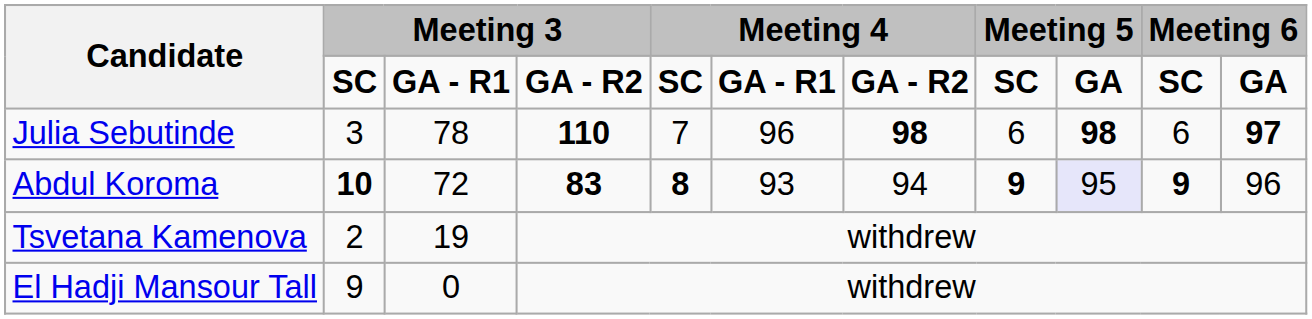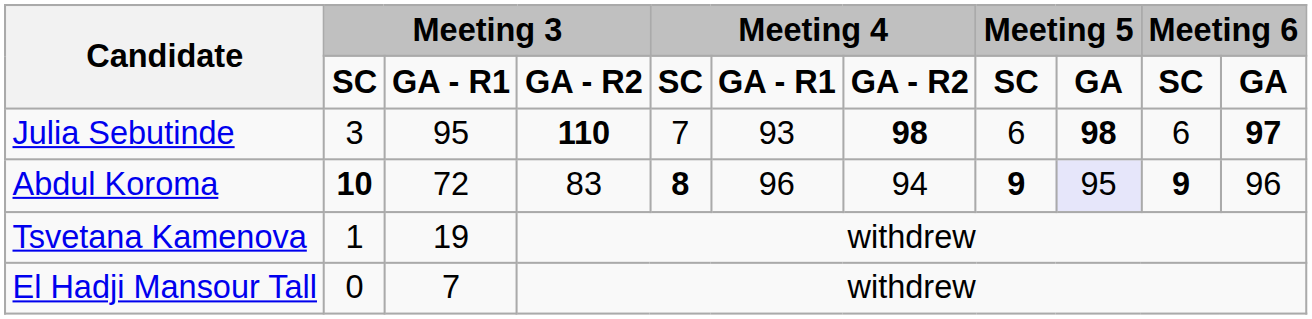 <table class="wikitable" style="text-align:center;">
 <tr>
 <th rowspan=2>Candidate</th>
 <td style="background:silver;" colspan=3><strong>Meeting 3</strong></td>
 <td style="background:silver;" colspan=3><strong>Meeting 4</strong></td>
 <td style="background:silver;" colspan=2><strong>Meeting 5</strong></td>
 <td style="background:silver;" colspan=2><strong>Meeting 6</strong></td>
 </tr>
 <tr>
 <td><strong>SC</strong></td>
 <td><strong>GA - R1</strong></td>
 <td><strong>GA - R2</strong></td>
 <td><strong>SC</strong></td>
 <td><strong>GA - R1</strong></td>
 <td><strong>GA - R2</strong></td>
 <td><strong>SC</strong></td>
 <td><strong>GA</strong></td>
 <td><strong>SC</strong></td>
 <td><strong>GA</strong></td>
 </tr>
 <tr>
 <td style="text-align:left;"> <a href='#'>Julia Sebutinde</a></td>
 <td>3</td>
-<td>78</td>
+<td>95</td>
 <td><strong>110</strong></td>
 <td>7</td>
-<td>96</td>
+<td>93</td>
 <td><strong>98</strong></td>
 <td>6</td>
 <td><strong>98</strong></td>
 <td>6</td>
 <td><strong>97</strong></td>
 </tr>
 <tr>
 <td style="text-align:left;"> <a href='#'>Abdul Koroma</a></td>
 <td><strong>10</strong></td>
 <td>72</td>
-<td><strong>83</strong></td>
+<td>83</td>
 <td><strong>8</strong></td>
-<td>93</td>
+<td>96</td>
 <td>94</td>
 <td><strong>9</strong></td>
 <td style="background: lavender;">95</td>
 <td><strong>9</strong></td>
 <td>96</td>
 </tr>
 <tr>
 <td style="text-align:left;"> <a href='#'>Tsvetana Kamenova</a></td>
-<td>2</td>
+<td>1</td>
 <td>19</td>
 <td colspan=8>withdrew</td>
 </tr>
 <tr>
 <td style="text-align:left;"> <a href='#'>El Hadji Mansour Tall</a></td>
-<td>9</td>
 <td>0</td>
+<td>7</td>
 <td colspan=8>withdrew</td>
 </tr>
 </table>
